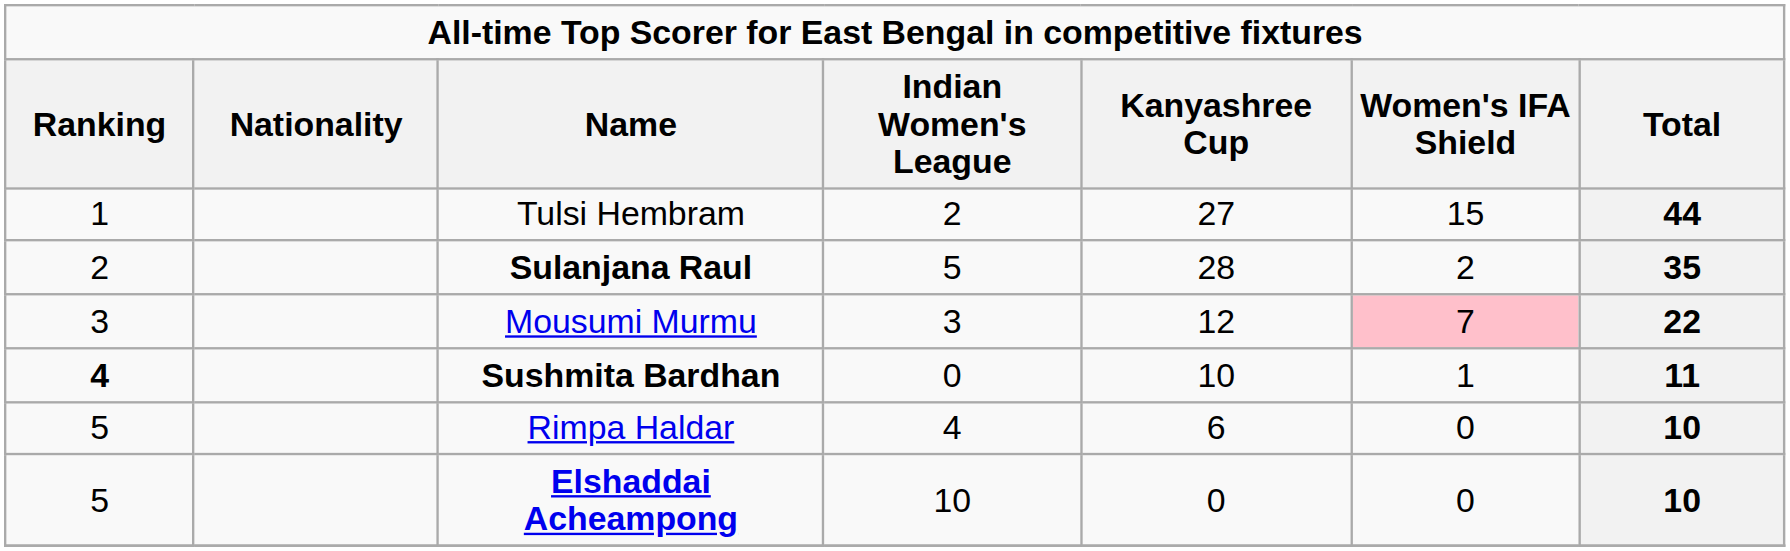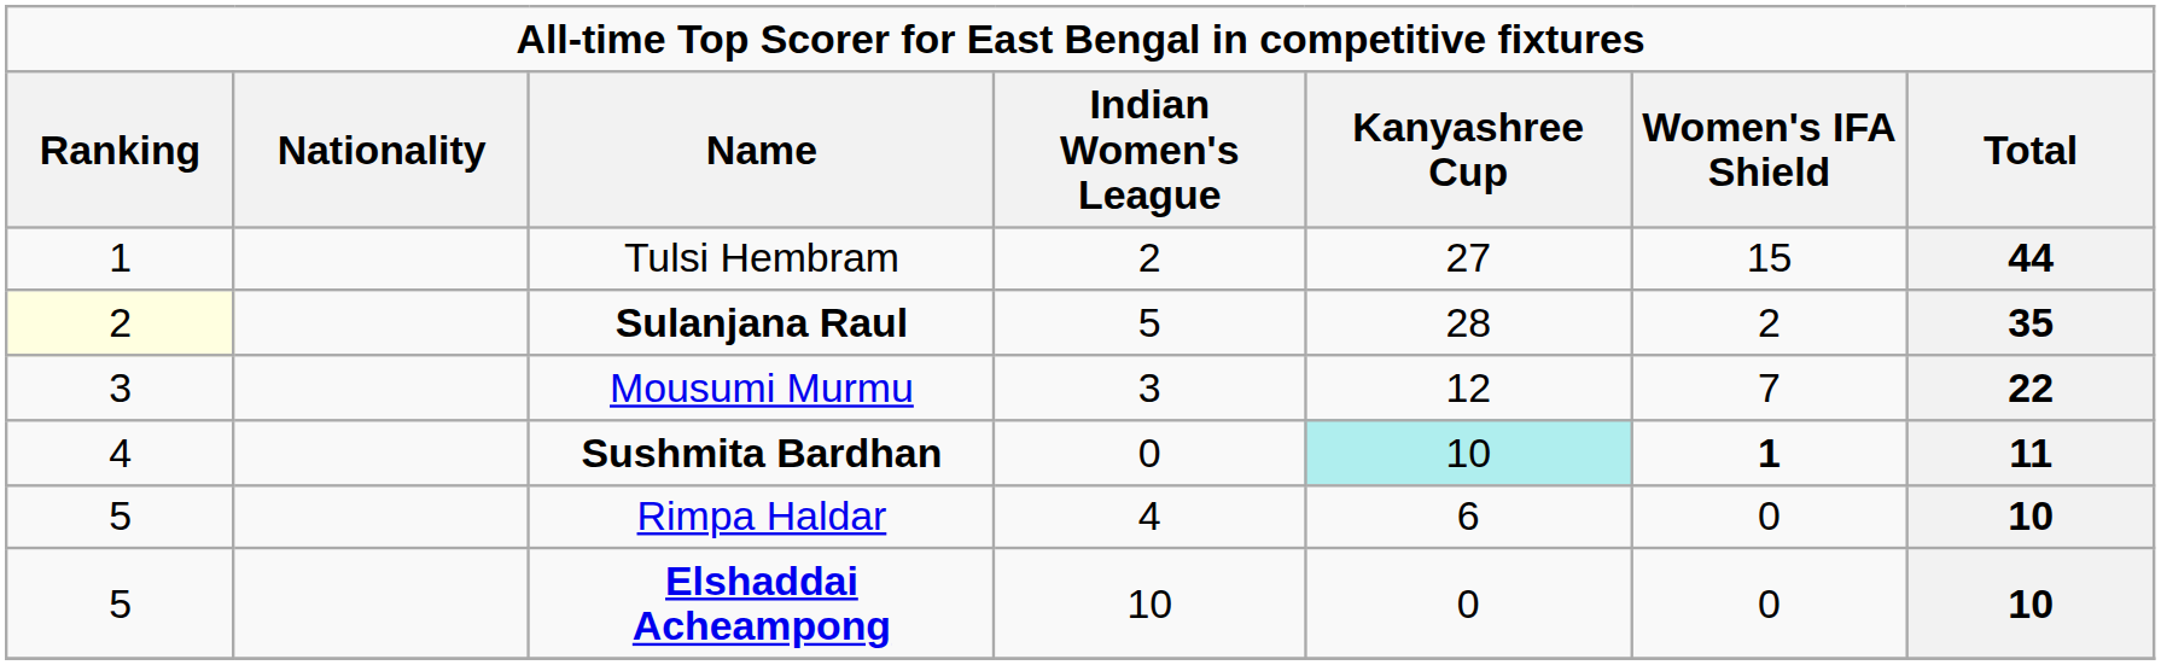 <table class="wikitable" style="font-size:90%; width:60%; text-align:center">
 <tr>
 <td Colspan="7"><strong>All-time Top Scorer for East Bengal in competitive fixtures</strong></td>
 </tr>
 <tr>
 <th width="5%">Ranking</th>
 <th width="7%">Nationality</th>
 <th width="15%">Name</th>
 <th width="10%">Indian Women's League</th>
 <th width="8%">Kanyashree Cup</th>
 <th width="8%">Women's IFA Shield</th>
 <th width="8%">Total</th>
 </tr>
 <tr>
 <td>1</td>
 <td></td>
 <td>Tulsi Hembram</td>
 <td>2</td>
 <td>27</td>
 <td>15</td>
 <th>44</th>
 </tr>
 <tr>
-<td>2</td>
+<td style="background: lightyellow;">2</td>
 <td></td>
 <td><strong>Sulanjana Raul</strong></td>
 <td>5</td>
 <td>28</td>
 <td>2</td>
 <th>35</th>
 </tr>
 <tr>
 <td>3</td>
 <td></td>
 <td><a href='#'>Mousumi Murmu</a></td>
 <td>3</td>
 <td>12</td>
-<td style="background: pink;">7</td>
+<td>7</td>
 <th>22</th>
 </tr>
 <tr>
-<td><strong>4</strong></td>
+<td>4</td>
 <td></td>
 <td><strong>Sushmita Bardhan</strong></td>
 <td>0</td>
-<td>10</td>
-<td>1</td>
+<td style="background: paleturquoise;">10</td>
+<td><strong>1</strong></td>
 <th>11</th>
 </tr>
 <tr>
 <td>5</td>
 <td></td>
 <td><a href='#'>Rimpa Haldar</a></td>
 <td>4</td>
 <td>6</td>
 <td>0</td>
 <th>10</th>
 </tr>
 <tr>
 <td>5</td>
 <td></td>
 <td><strong><a href='#'>Elshaddai Acheampong</a></strong></td>
 <td>10</td>
 <td>0</td>
 <td>0</td>
 <th>10</th>
 </tr>
 <tr>
 </tr>
 </table>
